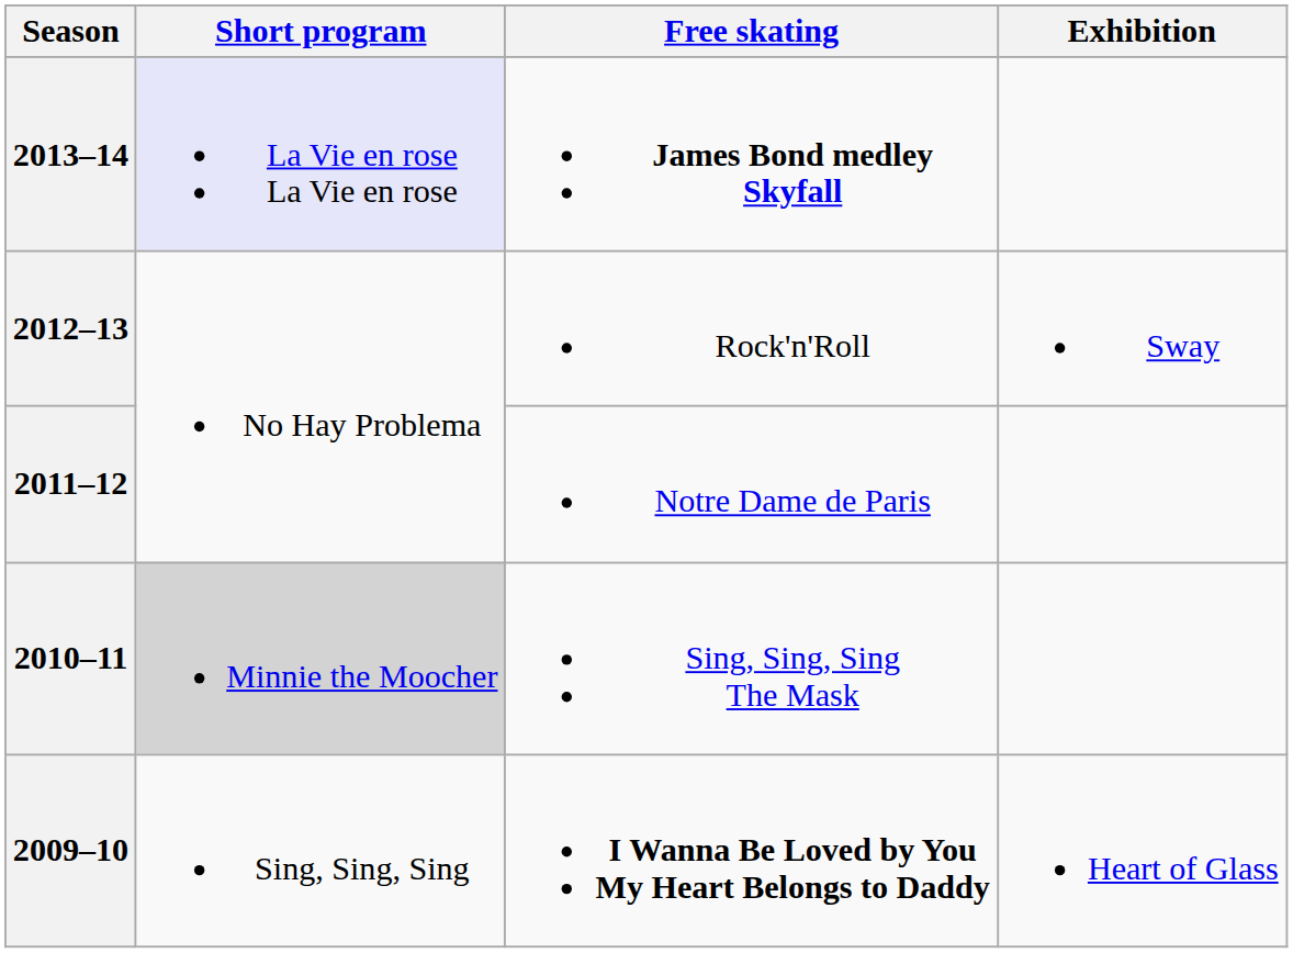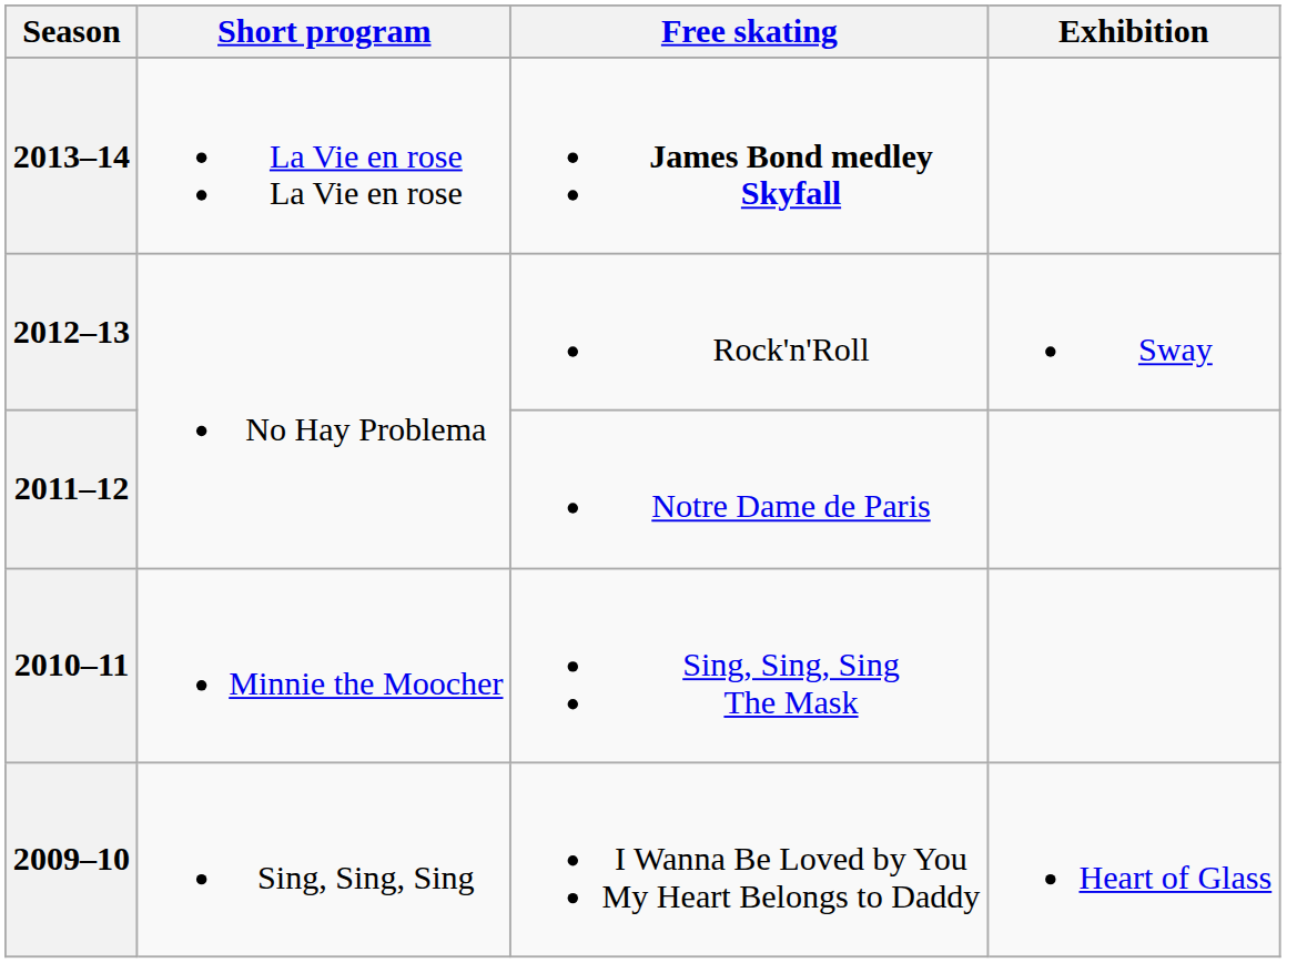 <table class="wikitable" style="text-align:center">
 <tr>
 <th>Season</th>
 <th><a href='#'>Short program</a></th>
 <th><a href='#'>Free skating</a></th>
 <th>Exhibition</th>
 </tr>
 <tr>
 <th>2013–14 <br> </th>
-<td style="background: lavender;"><br><ul><li><a href='#'>La Vie en rose</a> <br></li><li>La Vie en rose <br></li></ul></td>
+<td><br><ul><li><a href='#'>La Vie en rose</a> <br></li><li>La Vie en rose <br></li></ul></td>
 <td><strong><br><ul><li>James Bond medley</li><li><a href='#'>Skyfall</a> <br></li></ul></strong></td>
 <td></td>
 </tr>
 <tr>
 <th>2012–13 <br> </th>
 <td rowspan=2><br><ul><li>No Hay Problema <br></li></ul></td>
 <td><br><ul><li>Rock'n'Roll</li></ul></td>
 <td><br><ul><li><a href='#'>Sway</a> <br></li></ul></td>
 </tr>
 <tr>
 <th>2011–12 <br> </th>
 <td><br><ul><li><a href='#'>Notre Dame de Paris</a> <br></li></ul></td>
 <td></td>
 </tr>
 <tr>
 <th>2010–11 <br> </th>
-<td style="background: lightgrey;"><br><ul><li><a href='#'>Minnie the Moocher</a> <br></li></ul></td>
+<td><br><ul><li><a href='#'>Minnie the Moocher</a> <br></li></ul></td>
 <td><br><ul><li><a href='#'>Sing, Sing, Sing</a> <br></li><li><a href='#'>The Mask</a> <br></li></ul></td>
 <td></td>
 </tr>
 <tr>
 <th>2009–10 <br> </th>
 <td><br><ul><li>Sing, Sing, Sing <br></li></ul></td>
-<td><strong><br><ul><li>I Wanna Be Loved by You <br></li><li>My Heart Belongs to Daddy <br></li></ul></strong></td>
+<td><br><ul><li>I Wanna Be Loved by You <br></li><li>My Heart Belongs to Daddy <br></li></ul></td>
 <td><br><ul><li><a href='#'>Heart of Glass</a> <br></li></ul></td>
 </tr>
 </table>
